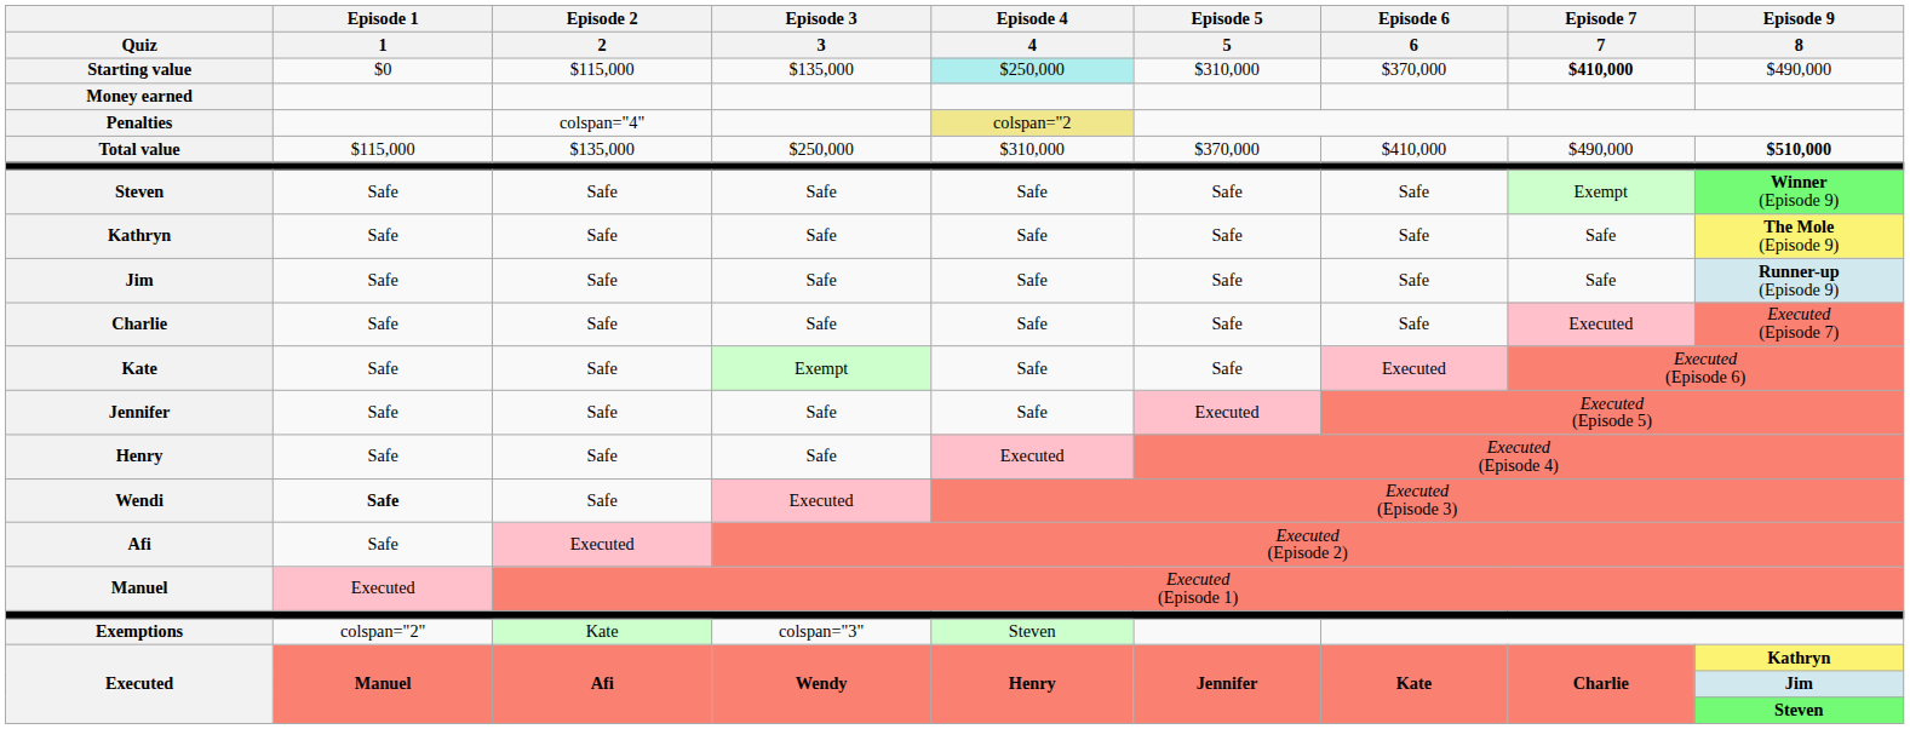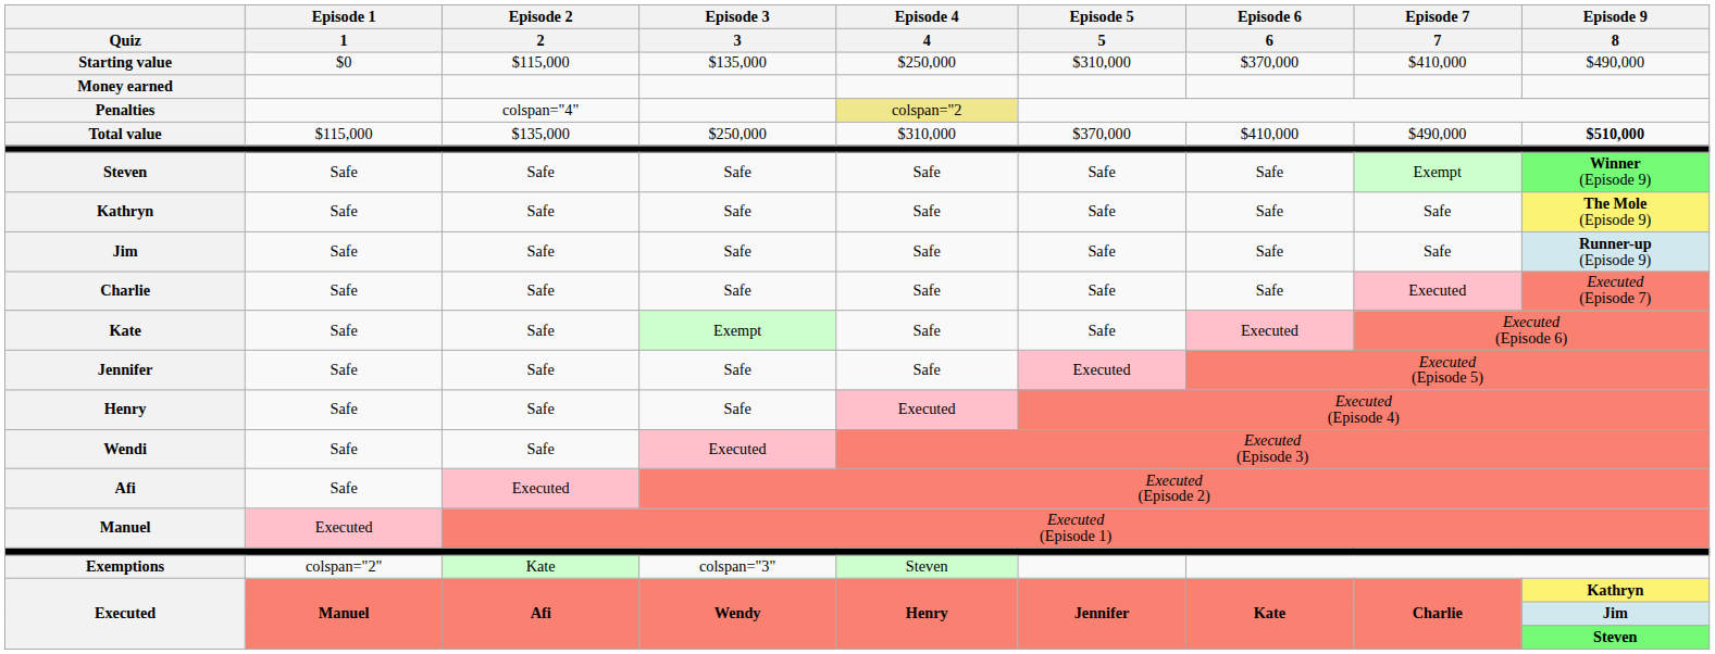 <table class="wikitable"  style="text-align:center; width:100%; font-size:90%; line-height:15px;">
 <tr>
 <th></th>
 <th>Episode 1</th>
 <th>Episode 2</th>
 <th>Episode 3</th>
 <th>Episode 4</th>
 <th>Episode 5</th>
 <th>Episode 6</th>
 <th>Episode 7</th>
 <th>Episode 9 <br> </th>
 </tr>
 <tr>
 <th>Quiz</th>
 <th>1</th>
 <th>2</th>
 <th>3</th>
 <th>4</th>
 <th>5</th>
 <th>6</th>
 <th>7</th>
 <th>8</th>
 </tr>
 <tr>
 <th>Starting value</th>
 <td>$0</td>
 <td>$115,000</td>
 <td>$135,000</td>
-<td style="background: paleturquoise;">$250,000</td>
+<td>$250,000</td>
 <td>$310,000</td>
 <td>$370,000</td>
-<td><strong>$410,000</strong></td>
+<td>$410,000</td>
 <td>$490,000</td>
 </tr>
 <tr>
 <th>Money earned</th>
 <td></td>
 <td></td>
 <td></td>
 <td></td>
 <td></td>
 <td></td>
 <td></td>
 <td></td>
 </tr>
 <tr>
 <th>Penalties</th>
 <td></td>
 <td>colspan="4" </td>
 <td></td>
 <td style="background: khaki;">colspan="2 </td>
 </tr>
 <tr>
 <th>Total value</th>
 <td>$115,000</td>
 <td>$135,000</td>
 <td>$250,000</td>
 <td>$310,000</td>
 <td>$370,000</td>
 <td>$410,000</td>
 <td>$490,000</td>
 <td><strong>$510,000</strong></td>
 </tr>
 <tr>
 <td colspan="9" bgcolor="black"></td>
 </tr>
 <tr>
 <th scope="row">Steven</th>
 <td>Safe</td>
 <td>Safe</td>
 <td>Safe</td>
 <td>Safe</td>
 <td>Safe</td>
 <td>Safe</td>
 <td style="background:#ccffcc;">Exempt</td>
 <td style="background:#73fb76;"><strong>Winner</strong> <br> (Episode 9)</td>
 </tr>
 <tr>
 <th scope="row">Kathryn</th>
 <td>Safe</td>
 <td>Safe</td>
 <td>Safe</td>
 <td>Safe</td>
 <td>Safe</td>
 <td>Safe</td>
 <td>Safe</td>
 <td style="background:#fbf373;"><strong>The Mole</strong> <br> (Episode 9)</td>
 </tr>
 <tr>
 <th scope="row">Jim</th>
 <td>Safe</td>
 <td>Safe</td>
 <td>Safe</td>
 <td>Safe</td>
 <td>Safe</td>
 <td>Safe</td>
 <td>Safe</td>
 <td style="background:#d1e8ef;"><strong>Runner-up</strong> <br> (Episode 9)</td>
 </tr>
 <tr>
 <th scope="row">Charlie</th>
 <td>Safe</td>
 <td>Safe</td>
 <td>Safe</td>
 <td>Safe</td>
 <td>Safe</td>
 <td>Safe</td>
 <td style="background:pink;">Executed</td>
 <td colspan=2 bgcolor="salmon"><em>Executed</em> <br> (Episode 7)</td>
 </tr>
 <tr>
 <th scope="row">Kate</th>
 <td>Safe</td>
 <td>Safe</td>
 <td style="background:#ccffcc;">Exempt</td>
 <td>Safe</td>
 <td>Safe</td>
 <td style="background:pink;">Executed</td>
 <td colspan=3 bgcolor="salmon"><em>Executed</em> <br> (Episode 6)</td>
 </tr>
 <tr>
 <th scope="row">Jennifer</th>
 <td>Safe</td>
 <td>Safe</td>
 <td>Safe</td>
 <td>Safe</td>
 <td style="background:pink;">Executed</td>
 <td colspan=4 bgcolor="salmon"><em>Executed</em> <br> (Episode 5)</td>
 </tr>
 <tr>
 <th scope="row">Henry</th>
 <td>Safe</td>
 <td>Safe</td>
 <td>Safe</td>
 <td style="background:pink;">Executed</td>
 <td colspan=5 bgcolor="salmon"><em>Executed</em> <br> (Episode 4)</td>
 </tr>
 <tr>
 <th scope="row">Wendi</th>
-<td><strong>Safe</strong></td>
+<td>Safe</td>
 <td>Safe</td>
 <td style="background:pink;">Executed</td>
 <td colspan=6 bgcolor="salmon"><em>Executed</em> <br> (Episode 3)</td>
 </tr>
 <tr>
 <th scope="row">Afi</th>
 <td>Safe</td>
 <td style="background:pink;">Executed</td>
 <td colspan=7 bgcolor="salmon"><em>Executed</em> <br> (Episode 2)</td>
 </tr>
 <tr>
 <th scope="row">Manuel</th>
 <td style="background:pink;">Executed</td>
 <td colspan=8 bgcolor="salmon"><em>Executed</em> <br> (Episode 1)</td>
 </tr>
 <tr>
 <td colspan="9" bgcolor="black"></td>
 </tr>
 <tr>
 <th>Exemptions</th>
 <td>colspan="2"</td>
 <td style="background:#ccffcc">Kate</td>
 <td>colspan="3"</td>
 <td style="background:#ccffcc">Steven</td>
 <td></td>
 </tr>
 <tr>
 <th rowspan="3">Executed</th>
 <td rowspan="3" style="background:salmon"><strong>Manuel</strong> <br> </td>
 <td rowspan="3" style="background:salmon"><strong>Afi</strong> <br> </td>
 <td rowspan="3" style="background:salmon"><strong>Wendy</strong> <br> </td>
 <td rowspan="3" style="background:salmon"><strong>Henry</strong> <br> </td>
 <td rowspan="3" style="background:salmon"><strong>Jennifer</strong> <br> </td>
 <td rowspan="3" style="background:salmon"><strong>Kate</strong> <br> </td>
 <td rowspan="3" style="background:salmon"><strong>Charlie</strong> <br> </td>
 <td style="background:#fdf373"><strong>Kathryn</strong> <br> </td>
 </tr>
 <tr>
 <td style="background:#d1e8ef"><strong>Jim</strong> <br> </td>
 </tr>
 <tr>
 <td style="background:#73fb76"><strong>Steven</strong> <br> </td>
 </tr>
 </table>
